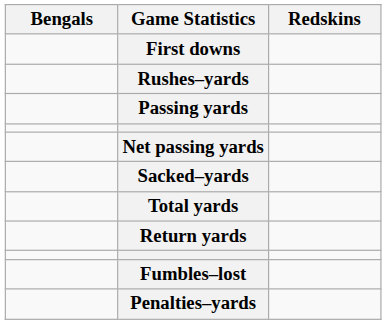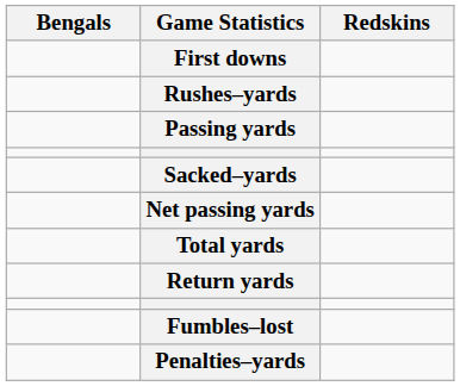 <table class="wikitable" style="margin: 1em auto 1em auto">
 <tr>
 <th style="width:30%;">Bengals</th>
 <th style="width:40%;">Game Statistics</th>
 <th style="width:30%;">Redskins</th>
 </tr>
 <tr>
 <td style="text-align:right;"></td>
 <th>First downs</th>
 <td></td>
 </tr>
 <tr>
 <td style="text-align:right;"></td>
 <th>Rushes–yards</th>
 <td></td>
 </tr>
 <tr>
 <td style="text-align:right;"></td>
 <th>Passing yards</th>
 <td></td>
 </tr>
 <tr>
 <td style="text-align:right;"></td>
 <th></th>
 <td></td>
 </tr>
 <tr>
 <td style="text-align:right;"></td>
-<th>Net passing yards</th>
+<th>Sacked–yards</th>
 <td></td>
 </tr>
 <tr>
 <td style="text-align:right;"></td>
-<th>Sacked–yards</th>
+<th>Net passing yards</th>
 <td></td>
 </tr>
 <tr>
 <td style="text-align:right;"></td>
 <th>Total yards</th>
 <td></td>
 </tr>
 <tr>
 <td style="text-align:right;"></td>
 <th>Return yards</th>
 <td></td>
 </tr>
 <tr>
 <td style="text-align:right;"></td>
 <th></th>
 <td></td>
 </tr>
 <tr>
 <td style="text-align:right;"></td>
 <th>Fumbles–lost</th>
 <td></td>
 </tr>
 <tr>
 <td style="text-align:right;"></td>
 <th>Penalties–yards</th>
 <td></td>
 </tr>
 </table>
